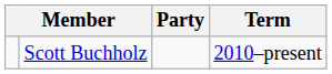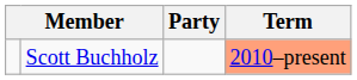 <table class="wikitable">
 <tr>
 <th colspan="2">Member</th>
 <th>Party</th>
 <th>Term</th>
 </tr>
 <tr>
 <td> </td>
 <td><a href='#'>Scott Buchholz</a></td>
 <td></td>
-<td><a href='#'>2010</a>–present</td>
+<td style="background: lightsalmon;"><a href='#'>2010</a>–present</td>
 </tr>
 </table>
